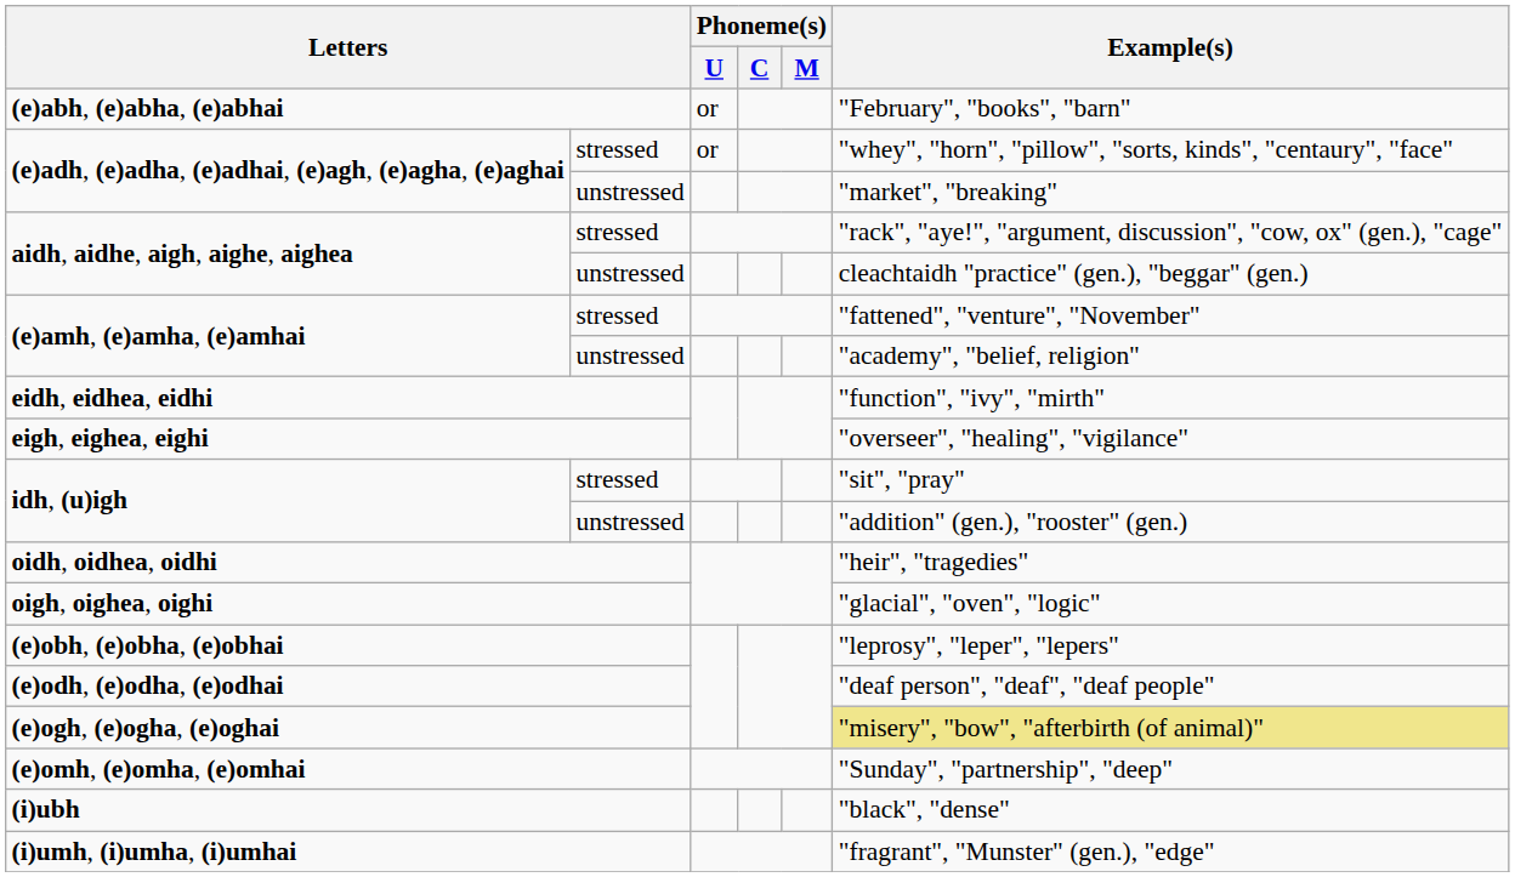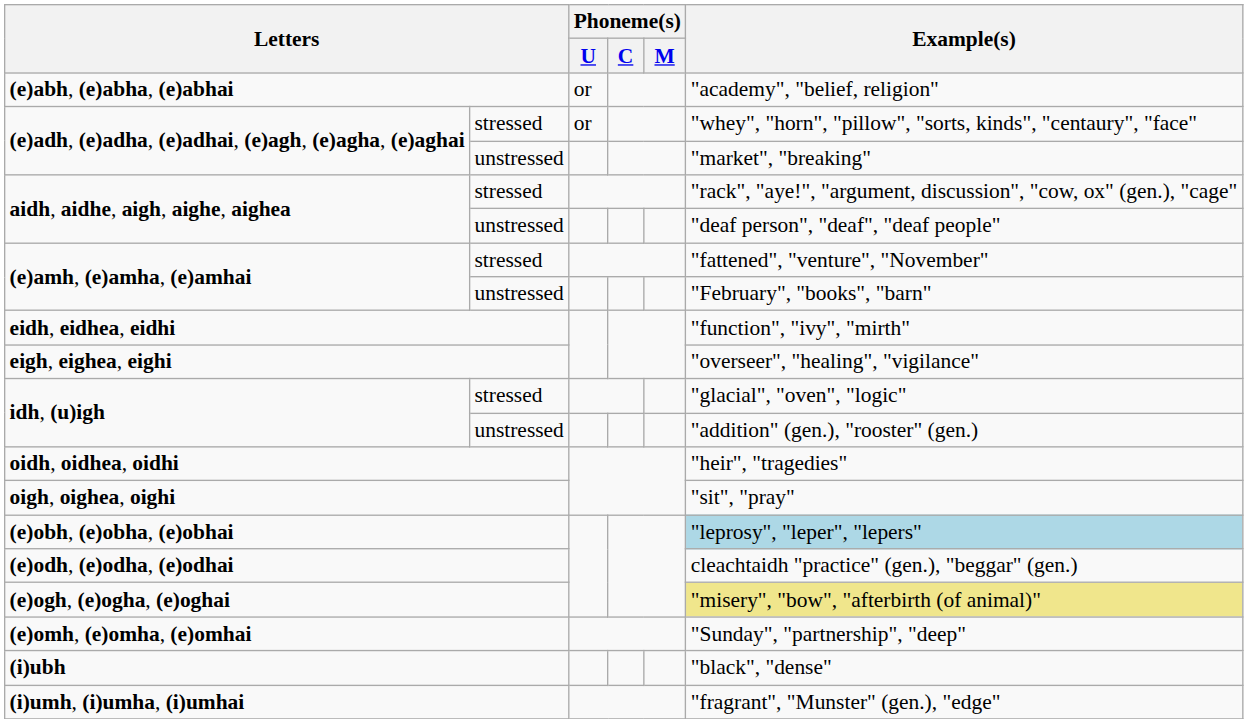 <table class="wikitable">
 <tr>
 <th colspan="2" rowspan="2">Letters</th>
 <th colspan="3">Phoneme(s)</th>
 <th rowspan="2">Example(s)</th>
 </tr>
 <tr>
 <th><a href='#'>U</a></th>
 <th><strong><a href='#'>C</a></strong></th>
 <th><a href='#'>M</a></th>
 </tr>
 <tr>
 <td colspan="2"><strong>(e)abh</strong>, <strong>(e)abha</strong>, <strong>(e)abhai</strong></td>
 <td> or </td>
 <td colspan="2"></td>
-<td>  "February",   "books",   "barn"</td>
+<td>  "academy",   "belief, religion"</td>
 </tr>
 <tr>
 <td rowspan="2"><strong>(e)adh</strong>, <strong>(e)adha</strong>, <strong>(e)adhai</strong>, <strong>(e)agh</strong>, <strong>(e)agha</strong>, <strong>(e)aghai</strong></td>
 <td>stressed</td>
 <td> or </td>
 <td colspan="2"></td>
 <td>  "whey",   "horn",   "pillow",   "sorts, kinds",   "centaury",   "face"</td>
 </tr>
 <tr>
 <td>unstressed</td>
 <td></td>
 <td colspan="2"></td>
 <td>  "market",   "breaking"</td>
 </tr>
 <tr>
 <td rowspan="2"><strong>aidh</strong>, <strong>aidhe</strong>, <strong>aigh</strong>, <strong>aighe</strong>, <strong>aighea</strong></td>
 <td>stressed</td>
 <td colspan="3"></td>
 <td>  "rack",   "aye!",   "argument, discussion",   "cow, ox" (gen.),   "cage"</td>
 </tr>
 <tr>
 <td>unstressed</td>
 <td></td>
 <td></td>
 <td></td>
-<td>cleachtaidh  "practice" (gen.),   "beggar" (gen.)</td>
+<td>  "deaf person",   "deaf",   "deaf people"</td>
 </tr>
 <tr>
 <td rowspan="2"><strong>(e)amh</strong>, <strong>(e)amha</strong>, <strong>(e)amhai</strong></td>
 <td>stressed</td>
 <td colspan="3"></td>
 <td>  "fattened",   "venture",   "November"</td>
 </tr>
 <tr>
 <td>unstressed</td>
 <td></td>
 <td></td>
 <td></td>
-<td>  "academy",   "belief, religion"</td>
+<td>  "February",   "books",   "barn"</td>
 </tr>
 <tr>
 <td colspan="2"><strong>eidh</strong>, <strong>eidhea</strong>, <strong>eidhi</strong></td>
 <td rowspan="2"></td>
 <td colspan="2" rowspan="2"></td>
 <td>  "function",   "ivy",   "mirth"</td>
 </tr>
 <tr>
 <td colspan="2"><strong>eigh</strong>, <strong>eighea</strong>, <strong>eighi</strong></td>
 <td>  "overseer",   "healing",   "vigilance"</td>
 </tr>
 <tr>
 <td rowspan="2"><strong>idh</strong>, <strong>(u)igh</strong></td>
 <td>stressed</td>
 <td colspan="2"></td>
 <td></td>
-<td>  "sit",   "pray"</td>
+<td>  "glacial",   "oven",   "logic"</td>
 </tr>
 <tr>
 <td>unstressed</td>
 <td></td>
 <td></td>
 <td></td>
 <td>  "addition" (gen.),   "rooster" (gen.)</td>
 </tr>
 <tr>
 <td colspan="2"><strong>oidh</strong>, <strong>oidhea</strong>, <strong>oidhi</strong></td>
 <td colspan="3" rowspan="2"></td>
 <td>  "heir",   "tragedies"</td>
 </tr>
 <tr>
 <td colspan="2"><strong>oigh</strong>, <strong>oighea</strong>, <strong>oighi</strong></td>
-<td>  "glacial",   "oven",   "logic"</td>
+<td>  "sit",   "pray"</td>
 </tr>
 <tr>
 <td colspan="2"><strong>(e)obh</strong>, <strong>(e)obha</strong>, <strong>(e)obhai</strong></td>
 <td rowspan="3"></td>
 <td colspan="2" rowspan="3"></td>
-<td>  "leprosy",   "leper",   "lepers"</td>
+<td style="background: lightblue;">  "leprosy",   "leper",   "lepers"</td>
 </tr>
 <tr>
 <td colspan="2"><strong>(e)odh</strong>, <strong>(e)odha</strong>, <strong>(e)odhai</strong></td>
-<td>  "deaf person",   "deaf",   "deaf people"</td>
+<td>cleachtaidh  "practice" (gen.),   "beggar" (gen.)</td>
 </tr>
 <tr>
 <td colspan="2"><strong>(e)ogh</strong>, <strong>(e)ogha</strong>, <strong>(e)oghai</strong></td>
 <td style="background: khaki;">  "misery",   "bow",   "afterbirth (of animal)"</td>
 </tr>
 <tr>
 <td colspan="2"><strong>(e)omh</strong>, <strong>(e)omha</strong>, <strong>(e)omhai</strong></td>
 <td colspan="3"></td>
 <td>  "Sunday",   "partnership",   "deep"</td>
 </tr>
 <tr>
 <td colspan="2"><strong>(i)ubh</strong></td>
 <td></td>
 <td></td>
 <td></td>
 <td>  "black",   "dense"</td>
 </tr>
 <tr>
 <td colspan="2"><strong>(i)umh</strong>, <strong>(i)umha</strong>, <strong>(i)umhai</strong></td>
 <td colspan="3"></td>
 <td>  "fragrant",   "Munster" (gen.),   "edge"</td>
 </tr>
 </table>
